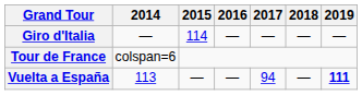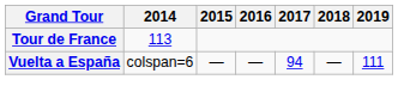 <table class="wikitable plainrowheaders">
 <tr>
 <th scope="col"><a href='#'>Grand Tour</a></th>
 <th scope="col">2014</th>
 <th scope="col">2015</th>
 <th scope="col">2016</th>
 <th scope="col">2017</th>
 <th scope="col">2018</th>
 <th scope="col">2019</th>
 </tr>
 <tr style="text-align:center;">
-<th scope="row"> <a href='#'>Giro d'Italia</a></th>
-<td>—</td>
-<td><a href='#'>114</a></td>
-<td>—</td>
-<td>—</td>
-<td>—</td>
-<td>—</td>
-</tr>
-<tr style="text-align:center;">
 <th scope="row"> <a href='#'>Tour de France</a></th>
-<td>colspan=6 </td>
+<td><a href='#'>113</a></td>
 </tr>
 <tr style="text-align:center;">
 <th scope="row"> <a href='#'>Vuelta a España</a></th>
-<td><a href='#'>113</a></td>
+<td>colspan=6 </td>
 <td>—</td>
 <td>—</td>
 <td><a href='#'>94</a></td>
 <td>—</td>
-<td><strong><a href='#'>111</a></strong></td>
+<td><a href='#'>111</a></td>
 </tr>
 </table>
